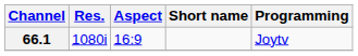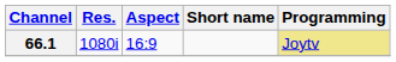 <table class="wikitable">
 <tr>
 <th><a href='#'>Channel</a></th>
 <th><a href='#'>Res.</a></th>
 <th><a href='#'>Aspect</a></th>
 <th>Short name</th>
 <th>Programming</th>
 </tr>
 <tr>
 <th scope = "row">66.1</th>
 <td><a href='#'>1080i</a></td>
 <td><a href='#'>16:9</a></td>
 <td></td>
-<td><a href='#'>Joytv</a></td>
+<td style="background: khaki;"><a href='#'>Joytv</a></td>
 </tr>
 <tr>
 </tr>
 </table>
